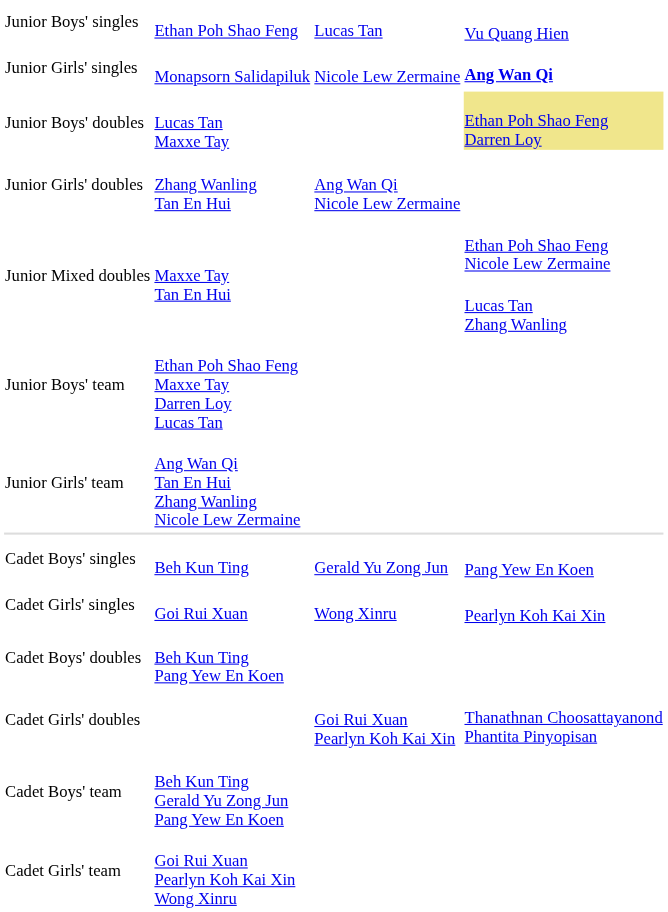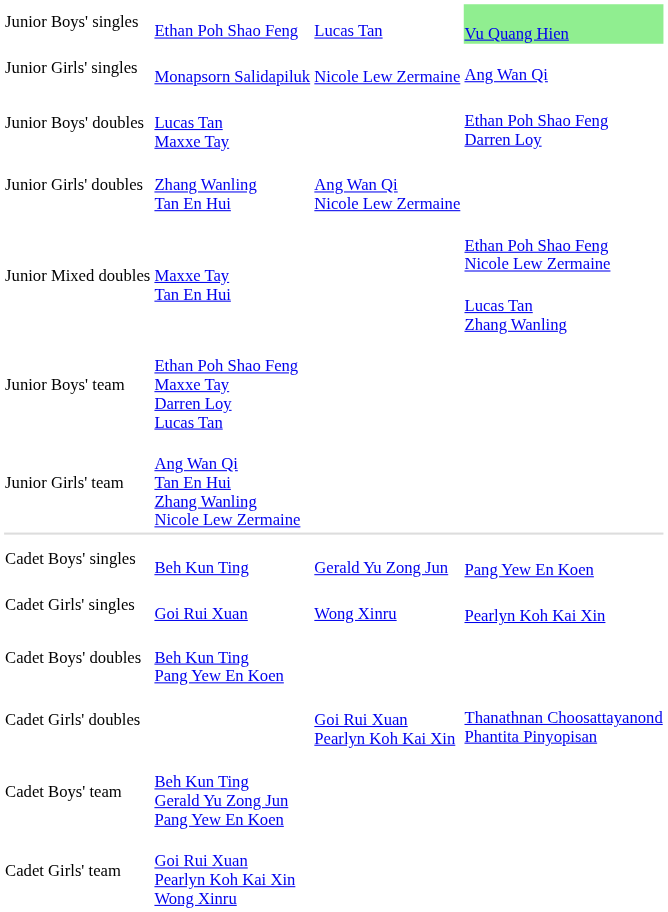 <table>
 <tr>
 <td rowspan=2>Junior Boys' singles</td>
 <td rowspan=2><br><a href='#'>Ethan Poh Shao Feng</a></td>
 <td rowspan=2><br><a href='#'>Lucas Tan</a></td>
 <td><a href='#'></a></td>
 </tr>
 <tr>
-<td><br><a href='#'>Vu Quang Hien</a></td>
+<td style="background: lightgreen;"><br><a href='#'>Vu Quang Hien</a></td>
 </tr>
 <tr>
 <td rowspan=2>Junior Girls' singles</td>
 <td rowspan=2><br><a href='#'>Monapsorn Salidapiluk</a></td>
 <td rowspan=2><br><a href='#'>Nicole Lew Zermaine</a></td>
-<td><strong><br><a href='#'>Ang Wan Qi</a></strong></td>
+<td><br><a href='#'>Ang Wan Qi</a></td>
 </tr>
 <tr>
 <td><a href='#'></a></td>
 </tr>
 <tr>
 <td rowspan=2>Junior Boys' doubles</td>
 <td rowspan=2><br><a href='#'>Lucas Tan</a><br><a href='#'>Maxxe Tay</a></td>
 <td rowspan=2></td>
-<td style="background: khaki;"><br><a href='#'>Ethan Poh Shao Feng</a><br><a href='#'>Darren Loy</a></td>
+<td><br><a href='#'>Ethan Poh Shao Feng</a><br><a href='#'>Darren Loy</a></td>
 </tr>
 <tr>
 <td></td>
 </tr>
 <tr>
 <td rowspan=2>Junior Girls' doubles</td>
 <td rowspan=2><br><a href='#'>Zhang Wanling</a><br><a href='#'>Tan En Hui</a></td>
 <td rowspan=2><br><a href='#'>Ang Wan Qi</a><br><a href='#'>Nicole Lew Zermaine</a></td>
 <td></td>
 </tr>
 <tr>
 <td></td>
 </tr>
 <tr>
 <td rowspan=2>Junior Mixed doubles</td>
 <td rowspan=2><br><a href='#'>Maxxe Tay</a><br><a href='#'>Tan En Hui</a></td>
 <td rowspan=2></td>
 <td><br><a href='#'>Ethan Poh Shao Feng</a><br><a href='#'>Nicole Lew Zermaine</a></td>
 </tr>
 <tr>
 <td><br><a href='#'>Lucas Tan</a><br><a href='#'>Zhang Wanling</a></td>
 </tr>
 <tr>
 <td rowspan=2>Junior Boys' team</td>
 <td rowspan=2><br><a href='#'>Ethan Poh Shao Feng</a><br><a href='#'>Maxxe Tay</a><br><a href='#'>Darren Loy</a><br><a href='#'>Lucas Tan</a></td>
 <td rowspan=2><a href='#'></a></td>
 <td><a href='#'></a></td>
 </tr>
 <tr>
 <td><a href='#'></a></td>
 </tr>
 <tr>
 <td rowspan=2>Junior Girls' team</td>
 <td rowspan=2><br><a href='#'>Ang Wan Qi</a><br><a href='#'>Tan En Hui</a><br><a href='#'>Zhang Wanling</a><br><a href='#'>Nicole Lew Zermaine</a></td>
 <td rowspan=2><a href='#'></a></td>
 <td><a href='#'></a></td>
 </tr>
 <tr>
 <td><a href='#'></a></td>
 </tr>
 <tr style="background:#dddddd;">
 <td colspan=7></td>
 </tr>
 <tr>
 <td rowspan=2>Cadet Boys' singles</td>
 <td rowspan=2><br><a href='#'>Beh Kun Ting</a></td>
 <td rowspan=2><br><a href='#'>Gerald Yu Zong Jun</a></td>
 <td></td>
 </tr>
 <tr>
 <td><br><a href='#'>Pang Yew En Koen</a></td>
 </tr>
 <tr>
 <td rowspan=2>Cadet Girls' singles</td>
 <td rowspan=2><br><a href='#'>Goi Rui Xuan</a></td>
 <td rowspan=2><br><a href='#'>Wong Xinru</a></td>
 <td></td>
 </tr>
 <tr>
 <td><br><a href='#'>Pearlyn Koh Kai Xin</a></td>
 </tr>
 <tr>
 <td rowspan=2>Cadet Boys' doubles</td>
 <td rowspan=2><br><a href='#'>Beh Kun Ting</a><br><a href='#'>Pang Yew En Koen</a></td>
 <td rowspan=2></td>
 <td></td>
 </tr>
 <tr>
 <td></td>
 </tr>
 <tr>
 <td rowspan=2>Cadet Girls' doubles</td>
 <td rowspan=2><a href='#'></a></td>
 <td rowspan=2><br><a href='#'>Goi Rui Xuan</a><br><a href='#'>Pearlyn Koh Kai Xin</a></td>
 <td><br><a href='#'>Thanathnan Choosattayanond</a><br><a href='#'>Phantita Pinyopisan</a></td>
 </tr>
 <tr>
 <td><a href='#'></a></td>
 </tr>
 <tr>
 <td rowspan=2>Cadet Boys' team</td>
 <td rowspan=2><br><a href='#'>Beh Kun Ting</a><br><a href='#'>Gerald Yu Zong Jun</a><br><a href='#'>Pang Yew En Koen</a></td>
 <td rowspan=2><a href='#'></a></td>
 <td><a href='#'></a></td>
 </tr>
 <tr>
 <td><a href='#'></a></td>
 </tr>
 <tr>
 <td rowspan=2>Cadet Girls' team</td>
 <td rowspan=2><br><a href='#'>Goi Rui Xuan</a><br><a href='#'>Pearlyn Koh Kai Xin</a><br><a href='#'>Wong Xinru</a></td>
 <td rowspan=2></td>
 <td></td>
 </tr>
 <tr>
 <td></td>
 </tr>
 </table>
